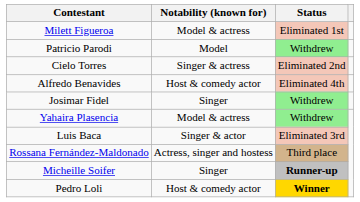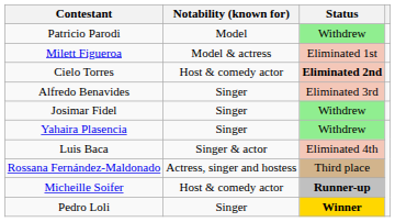 <table class= "wikitable sortable" style="text-align: center; margin:auto; align: center">
 <tr>
 <th>Contestant</th>
 <th>Notability (known for)</th>
 <th>Status</th>
 <th class="unsortable"></th>
 </tr>
 <tr>
+<td>Patricio Parodi</td>
+<td>Model</td>
+<td style="background:lightgreen;">Withdrew<br></td>
+<td></td>
+</tr>
+<tr>
 <td><a href='#'>Milett Figueroa</a></td>
 <td>Model & actress</td>
 <td style="background:#f4c7b8;">Eliminated 1st<br></td>
 <td></td>
 </tr>
 <tr>
-<td>Patricio Parodi</td>
-<td>Model</td>
-<td style="background:lightgreen;">Withdrew<br></td>
-<td></td>
-</tr>
-<tr>
 <td>Cielo Torres</td>
-<td>Singer & actress</td>
-<td style="background:#f4c7b8;">Eliminated 2nd<br></td>
+<td>Host & comedy actor</td>
+<td style="background:#f4c7b8;"><strong>Eliminated 2nd<br></strong></td>
 <td></td>
 </tr>
 <tr>
 <td>Alfredo Benavides</td>
-<td>Host & comedy actor</td>
-<td style="background:#f4c7b8;">Eliminated 4th<br></td>
+<td>Singer</td>
+<td style="background:#f4c7b8;">Eliminated 3rd<br></td>
 <td></td>
 </tr>
 <tr>
 <td>Josimar Fidel</td>
 <td>Singer</td>
 <td style="background:lightgreen;">Withdrew<br></td>
 <td></td>
 </tr>
 <tr>
 <td><a href='#'>Yahaira Plasencia</a></td>
-<td>Model & actress</td>
+<td>Singer</td>
 <td style="background:lightgreen;">Withdrew<br></td>
 <td rowspan="5"></td>
 </tr>
 <tr>
 <td>Luis Baca</td>
 <td>Singer & actor</td>
-<td style="background:#f4c7b8;">Eliminated 3rd<br></td>
+<td style="background:#f4c7b8;">Eliminated 4th<br></td>
 </tr>
 <tr>
 <td><a href='#'>Rossana Fernández-Maldonado</a></td>
 <td>Actress, singer and hostess</td>
 <td style=background:tan>Third place<br></td>
 </tr>
 <tr>
 <td><a href='#'>Micheille Soifer</a></td>
-<td>Singer</td>
+<td>Host & comedy actor</td>
 <td style=background:silver><strong>Runner-up<br></strong></td>
 </tr>
 <tr>
 <td>Pedro Loli</td>
-<td>Host & comedy actor</td>
+<td>Singer</td>
 <td style=background:gold><strong>Winner</strong> <br></td>
 </tr>
 </table>
